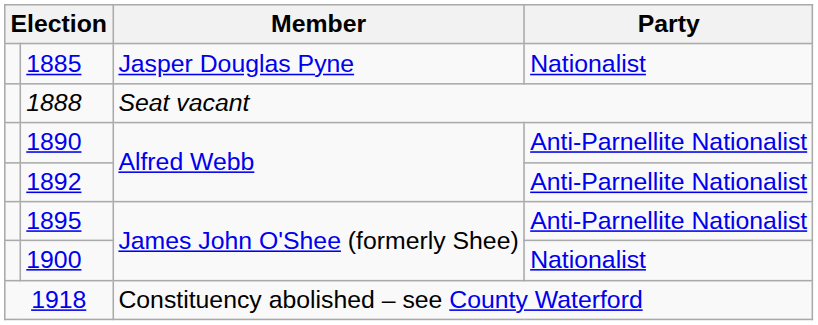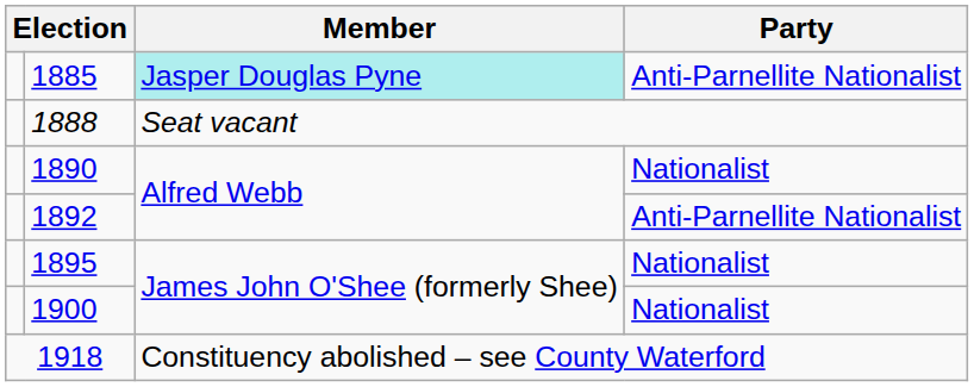 <table class="wikitable">
 <tr>
 <th colspan="2">Election</th>
 <th>Member</th>
 <th>Party</th>
 </tr>
 <tr>
 <td style="color:inherit;background-color: "></td>
 <td><a href='#'>1885</a></td>
-<td><a href='#'>Jasper Douglas Pyne</a></td>
-<td><a href='#'>Nationalist</a></td>
+<td style="background: paleturquoise;"><a href='#'>Jasper Douglas Pyne</a></td>
+<td><a href='#'>Anti-Parnellite Nationalist</a></td>
 </tr>
 <tr>
 <td></td>
 <td><em>1888</em></td>
 <td colspan="2"><em>Seat vacant<strong></td>
 </tr>
 <tr>
 <td style="color:inherit;background-color: "></td>
 <td><a href='#'>1890</a></td>
 <td rowspan="2"><a href='#'>Alfred Webb</a></td>
-<td><a href='#'>Anti-Parnellite Nationalist</a></td>
+<td><a href='#'>Nationalist</a></td>
 </tr>
 <tr>
 <td style="color:inherit;background-color: "></td>
 <td><a href='#'>1892</a></td>
 <td><a href='#'>Anti-Parnellite Nationalist</a></td>
 </tr>
 <tr>
 <td style="color:inherit;background-color: "></td>
 <td><a href='#'>1895</a></td>
 <td rowspan="2"><a href='#'>James John O'Shee</a> (formerly Shee)</td>
-<td><a href='#'>Anti-Parnellite Nationalist</a></td>
+<td><a href='#'>Nationalist</a></td>
 </tr>
 <tr>
 <td style="color:inherit;background-color: "></td>
 <td><a href='#'>1900</a></td>
 <td><a href='#'>Nationalist</a></td>
 </tr>
 <tr>
 <td colspan="2" align="center"><a href='#'>1918</a></td>
 <td colspan="2"></em>Constituency abolished – see <a href='#'>County Waterford</a><em></td>
 </tr>
 </table>
